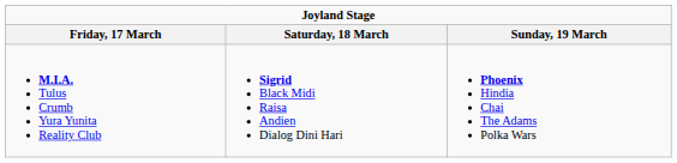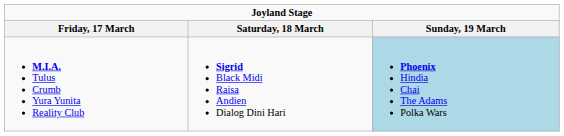 <table class="wikitable">
 <tr>
 <td colspan="4" align="center"><strong>Joyland Stage</strong></td>
 </tr>
 <tr>
 <th width="500">Friday, 17 March</th>
 <th width="500">Saturday, 18 March</th>
 <th width="500">Sunday, 19 March</th>
 </tr>
 <tr valign="top">
 <td><br><ul><li><strong><a href='#'>M.I.A.</a></strong></li><li><a href='#'>Tulus</a></li><li><a href='#'>Crumb</a></li><li><a href='#'>Yura Yunita</a></li><li><a href='#'>Reality Club</a></li></ul></td>
 <td><br><ul><li><strong><a href='#'>Sigrid</a></strong></li><li><a href='#'>Black Midi</a></li><li><a href='#'>Raisa</a></li><li><a href='#'>Andien</a></li><li>Dialog Dini Hari</li></ul></td>
-<td><br><ul><li><strong><a href='#'>Phoenix</a></strong></li><li><a href='#'>Hindia</a></li><li><a href='#'>Chai</a></li><li><a href='#'>The Adams</a></li><li>Polka Wars</li></ul></td>
+<td style="background: lightblue;"><br><ul><li><strong><a href='#'>Phoenix</a></strong></li><li><a href='#'>Hindia</a></li><li><a href='#'>Chai</a></li><li><a href='#'>The Adams</a></li><li>Polka Wars</li></ul></td>
 </tr>
 </table>
